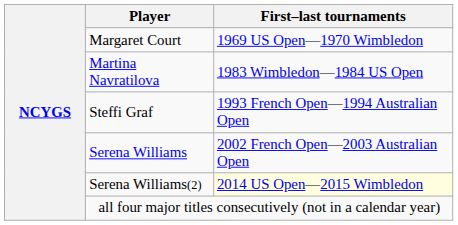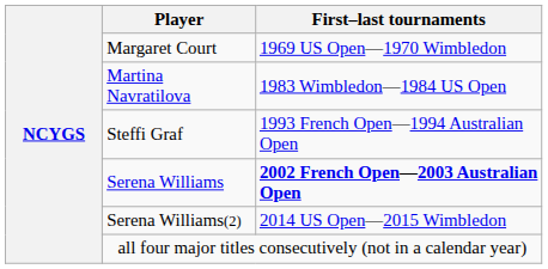 <table class="wikitable nowrap">
 <tr>
 <th rowspan="7" width="80"><a href='#'>NCYGS</a></th>
 <th>Player</th>
 <th>First–last tournaments</th>
 </tr>
 <tr>
 <td width="130"> Margaret Court</td>
 <td width="250"><a href='#'>1969 US Open</a>—<a href='#'>1970 Wimbledon</a></td>
 </tr>
 <tr>
 <td width="130"> <a href='#'>Martina Navratilova</a></td>
 <td width="250"><a href='#'>1983 Wimbledon</a>—<a href='#'>1984 US Open</a></td>
 </tr>
 <tr>
 <td width="130"> Steffi Graf</td>
 <td width="250"><a href='#'>1993 French Open</a>—<a href='#'>1994 Australian Open</a></td>
 </tr>
 <tr>
 <td width="130"> <a href='#'>Serena Williams</a></td>
-<td width="250"><a href='#'>2002 French Open</a>—<a href='#'>2003 Australian Open</a></td>
+<td width="250"><strong><a href='#'>2002 French Open</a>—<a href='#'>2003 Australian Open</a></strong></td>
 </tr>
 <tr>
 <td width="130"> Serena Williams<small>(2)</small></td>
-<td width="250" style="background: lightyellow;"><a href='#'>2014 US Open</a>—<a href='#'>2015 Wimbledon</a></td>
+<td width="250"><a href='#'>2014 US Open</a>—<a href='#'>2015 Wimbledon</a></td>
 </tr>
 <tr>
 <td colspan=3 align=center>all four major titles consecutively (not in a calendar year)</td>
 </tr>
 </table>
